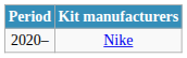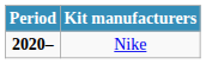 <table class="wikitable" style="text-align: center">
 <tr>
 <th style="color:#FFFFFF; background:#348eb9;">Period</th>
 <th style="color:#FFFFFF; background:#348eb9;">Kit manufacturers</th>
 </tr>
 <tr>
-<td>2020–</td>
+<td><strong>2020–</strong></td>
 <td><a href='#'>Nike</a></td>
 </tr>
 </table>
